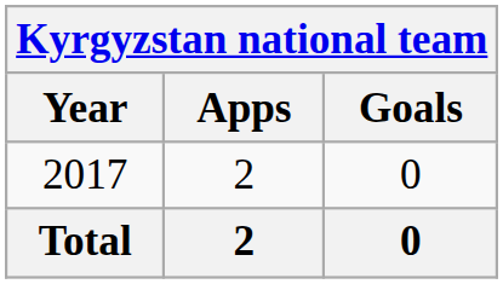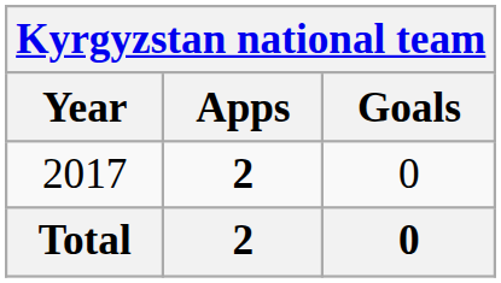 <table class="wikitable" style="text-align:center">
 <tr>
 <th colspan=3><a href='#'>Kyrgyzstan national team</a></th>
 </tr>
 <tr>
 <th>Year</th>
 <th>Apps</th>
 <th>Goals</th>
 </tr>
 <tr>
 <td>2017</td>
-<td>2</td>
+<td><strong>2</strong></td>
 <td>0</td>
 </tr>
 <tr>
 <th>Total</th>
 <th>2</th>
 <th>0</th>
 </tr>
 </table>
